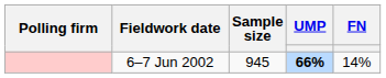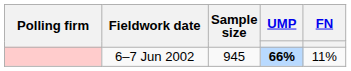 <table class="wikitable sortable" style="text-align:center;font-size:90%;line-height:14px;">
 <tr style="height:40px;">
 <th style="width:100px;" rowspan="2">Polling firm</th>
 <th style="width:110px;" rowspan="2">Fieldwork date</th>
 <th style="width:35px;" rowspan="2">Sample<br>size</th>
 <th class="unsortable" style="width:40px;"><a href='#'>UMP</a></th>
 <th class="unsortable" style="width:40px;"><a href='#'>FN</a></th>
 </tr>
 <tr>
 <th style="background:"></th>
 <th style="background:"></th>
 </tr>
 <tr>
 <td style="background:#FFCCCC;"></td>
 <td data-sort-value="2002-06-07">6–7 Jun 2002</td>
 <td>945</td>
 <td style="background:#B9DAFF;"><strong>66%</strong></td>
-<td>14%</td>
+<td>11%</td>
 </tr>
 </table>
